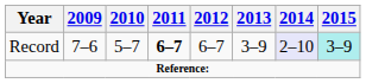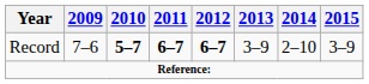 <table class="wikitable" style="text-align: center">
 <tr align=center>
 <th>Year</th>
 <th><a href='#'>2009</a></th>
 <th><a href='#'>2010</a></th>
 <th><a href='#'>2011</a></th>
 <th><a href='#'>2012</a></th>
 <th><a href='#'>2013</a></th>
 <th><a href='#'>2014</a></th>
 <th><a href='#'>2015</a></th>
 </tr>
 <tr align=center>
 <td>Record</td>
 <td>7–6</td>
-<td>5–7</td>
+<td><strong>5–7</strong></td>
 <td><strong>6–7</strong></td>
-<td>6–7</td>
+<td><strong>6–7</strong></td>
 <td>3–9</td>
-<td style="background: lavender;">2–10</td>
-<td style="background: paleturquoise;">3–9</td>
+<td>2–10</td>
+<td>3–9</td>
 </tr>
 <tr align=center>
 <td colspan="8"  style="font-size:8pt; text-align:center;"><strong>Reference:</strong></td>
 </tr>
 </table>
